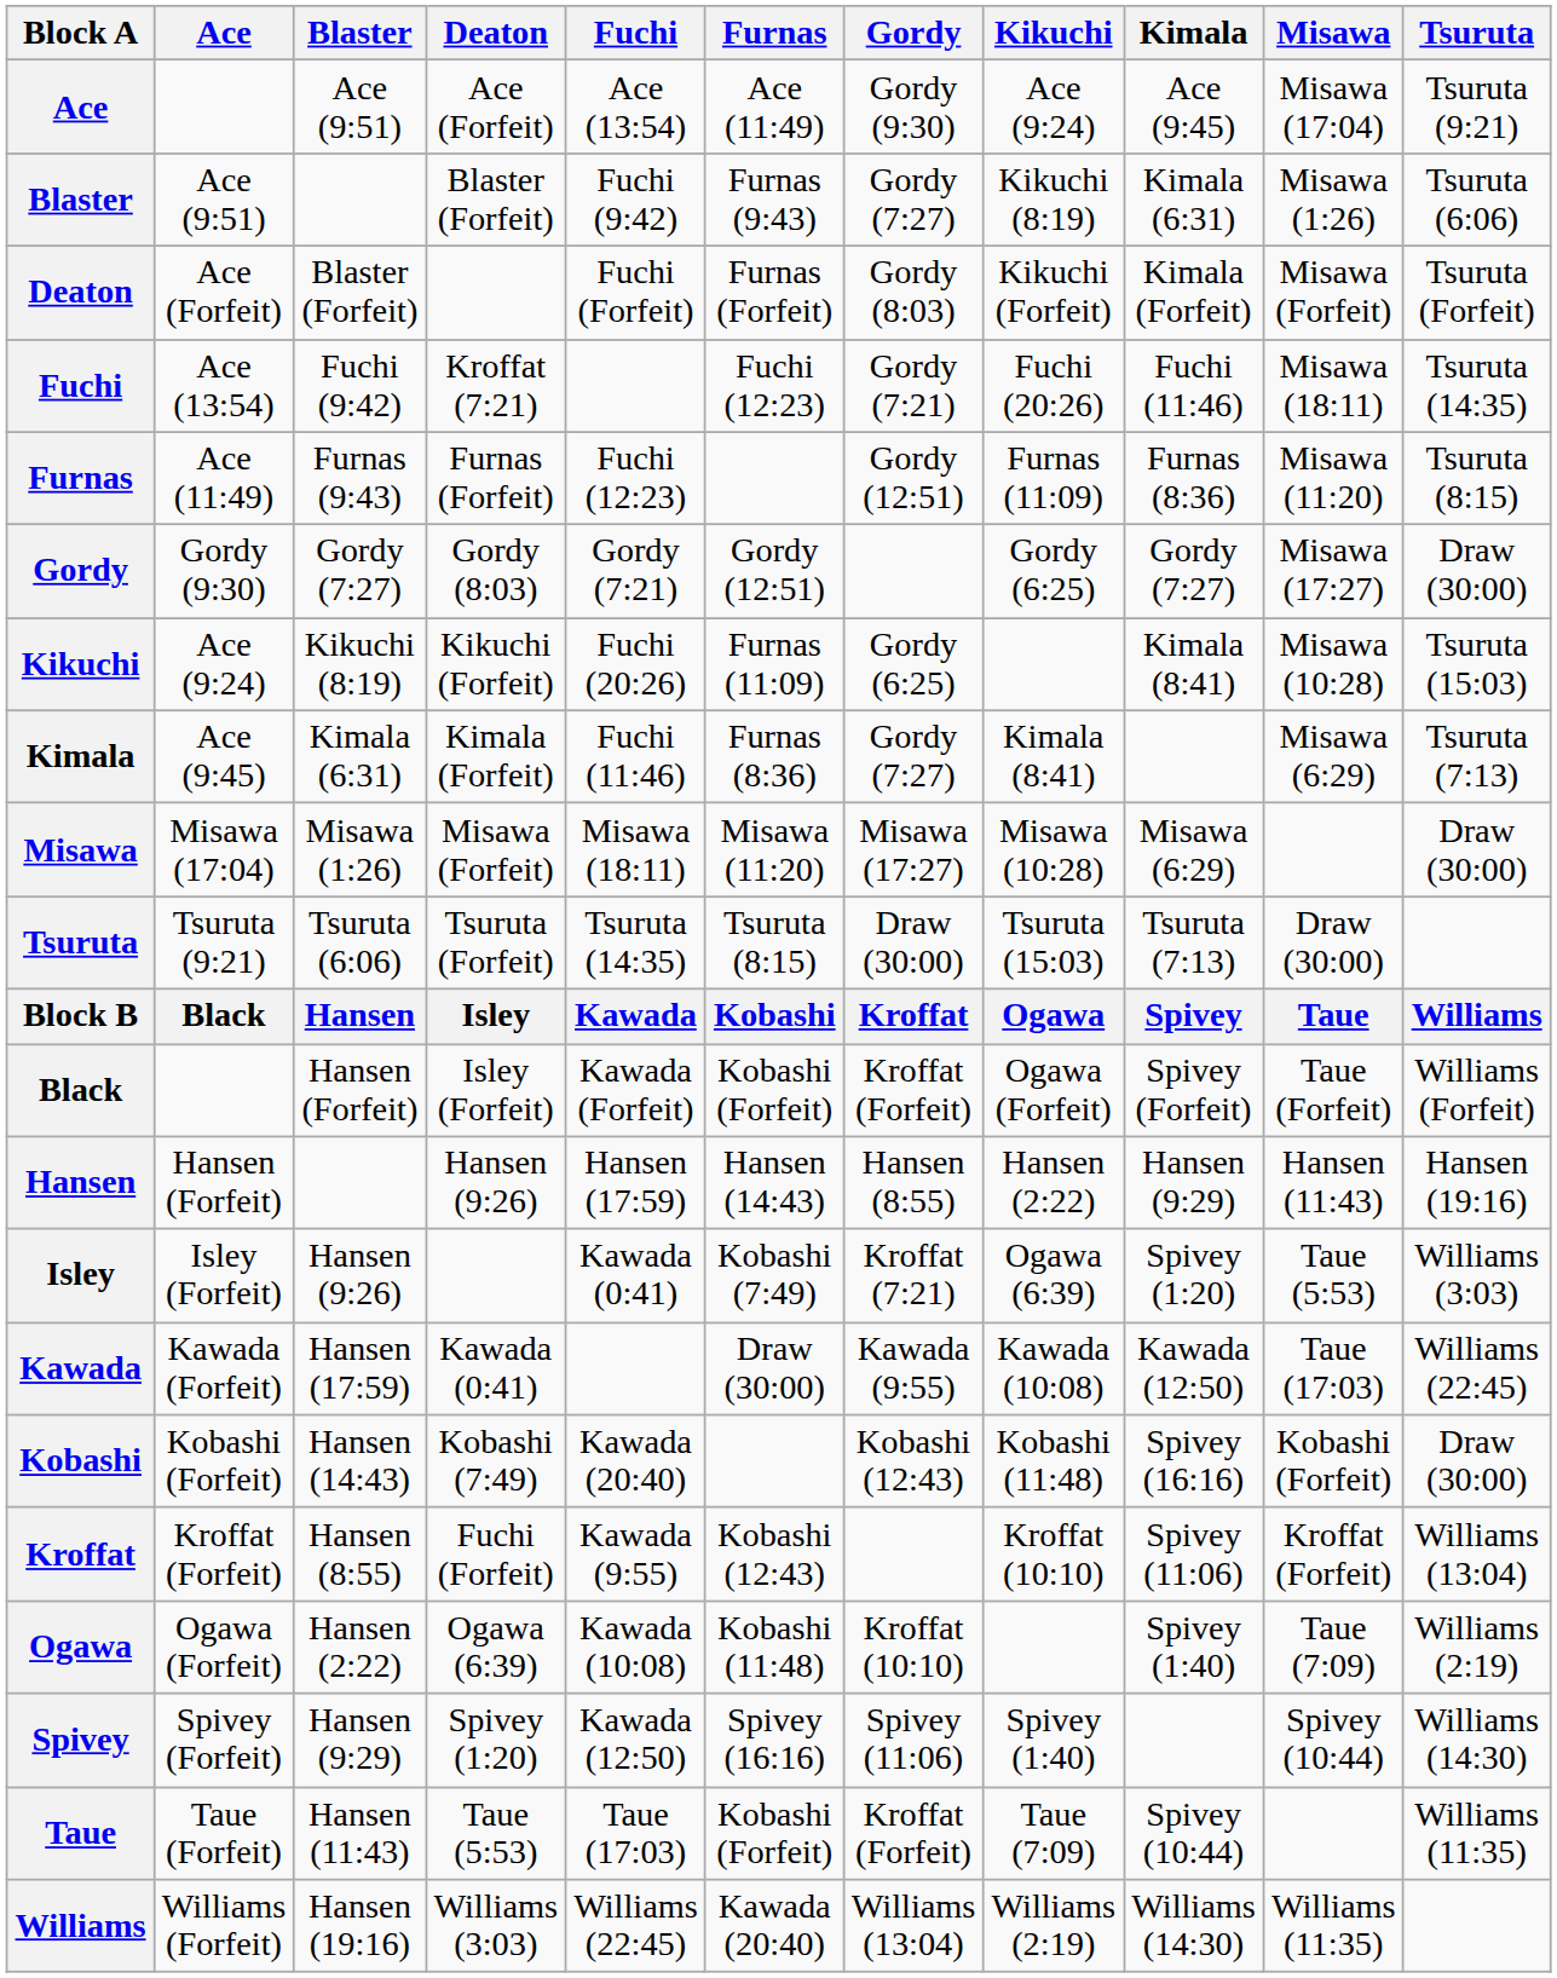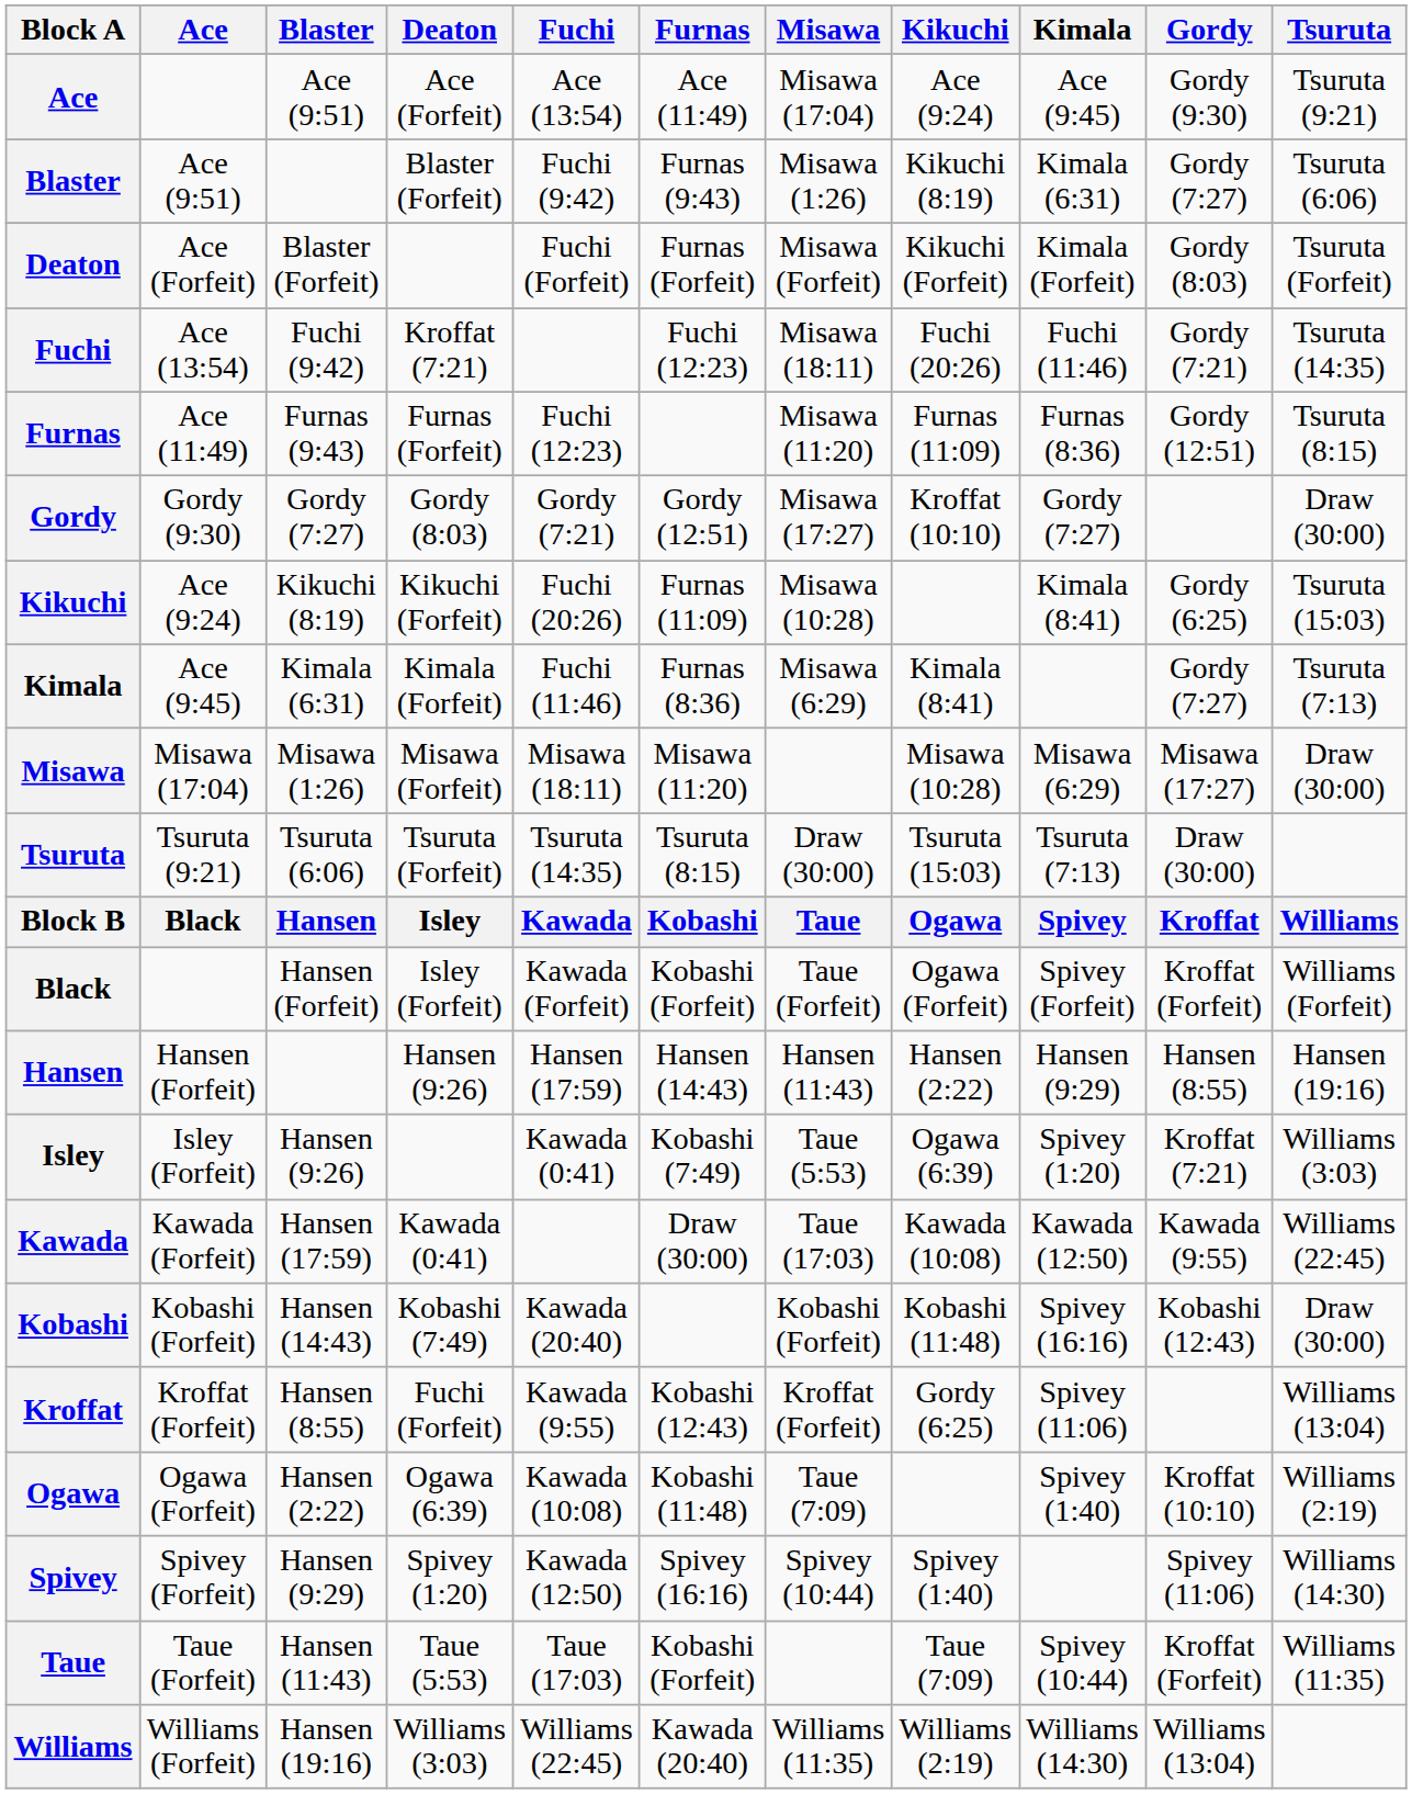 <table class="wikitable" style="margin: 1em auto 1em auto; text-align:center;">
 <tr>
 <th>Block A</th>
 <th><a href='#'>Ace</a></th>
 <th><a href='#'>Blaster</a></th>
 <th><a href='#'>Deaton</a></th>
 <th><a href='#'>Fuchi</a></th>
 <th><a href='#'>Furnas</a></th>
-<th><a href='#'>Gordy</a></th>
+<th><a href='#'>Misawa</a></th>
 <th><a href='#'>Kikuchi</a></th>
 <th>Kimala</th>
-<th><a href='#'>Misawa</a></th>
+<th><a href='#'>Gordy</a></th>
 <th><a href='#'>Tsuruta</a></th>
 </tr>
 <tr>
 <th><a href='#'>Ace</a></th>
 <td></td>
 <td>Ace<br>(9:51)</td>
 <td>Ace<br>(Forfeit)</td>
 <td>Ace<br>(13:54)</td>
 <td>Ace<br>(11:49)</td>
-<td>Gordy<br>(9:30)</td>
+<td>Misawa<br>(17:04)</td>
 <td>Ace<br>(9:24)</td>
 <td>Ace<br>(9:45)</td>
-<td>Misawa<br>(17:04)</td>
+<td>Gordy<br>(9:30)</td>
 <td>Tsuruta<br>(9:21)</td>
 </tr>
 <tr>
 <th><a href='#'>Blaster</a></th>
 <td>Ace<br>(9:51)</td>
 <td></td>
 <td>Blaster<br>(Forfeit)</td>
 <td>Fuchi<br>(9:42)</td>
 <td>Furnas<br>(9:43)</td>
-<td>Gordy<br>(7:27)</td>
+<td>Misawa<br>(1:26)</td>
 <td>Kikuchi<br>(8:19)</td>
 <td>Kimala<br>(6:31)</td>
-<td>Misawa<br>(1:26)</td>
+<td>Gordy<br>(7:27)</td>
 <td>Tsuruta<br>(6:06)</td>
 </tr>
 <tr>
 <th><a href='#'>Deaton</a></th>
 <td>Ace<br>(Forfeit)</td>
 <td>Blaster<br>(Forfeit)</td>
 <td></td>
 <td>Fuchi<br>(Forfeit)</td>
 <td>Furnas<br>(Forfeit)</td>
-<td>Gordy<br>(8:03)</td>
+<td>Misawa<br>(Forfeit)</td>
 <td>Kikuchi<br>(Forfeit)</td>
 <td>Kimala<br>(Forfeit)</td>
-<td>Misawa<br>(Forfeit)</td>
+<td>Gordy<br>(8:03)</td>
 <td>Tsuruta<br>(Forfeit)</td>
 </tr>
 <tr>
 <th><a href='#'>Fuchi</a></th>
 <td>Ace<br>(13:54)</td>
 <td>Fuchi<br>(9:42)</td>
 <td>Kroffat<br>(7:21)</td>
 <td></td>
 <td>Fuchi<br>(12:23)</td>
-<td>Gordy<br>(7:21)</td>
+<td>Misawa<br>(18:11)</td>
 <td>Fuchi<br>(20:26)</td>
 <td>Fuchi<br>(11:46)</td>
-<td>Misawa<br>(18:11)</td>
+<td>Gordy<br>(7:21)</td>
 <td>Tsuruta<br>(14:35)</td>
 </tr>
 <tr>
 <th><a href='#'>Furnas</a></th>
 <td>Ace<br>(11:49)</td>
 <td>Furnas<br>(9:43)</td>
 <td>Furnas<br>(Forfeit)</td>
 <td>Fuchi<br>(12:23)</td>
 <td></td>
-<td>Gordy<br>(12:51)</td>
+<td>Misawa<br>(11:20)</td>
 <td>Furnas<br>(11:09)</td>
 <td>Furnas<br>(8:36)</td>
-<td>Misawa<br>(11:20)</td>
+<td>Gordy<br>(12:51)</td>
 <td>Tsuruta<br>(8:15)</td>
 </tr>
 <tr>
 <th><a href='#'>Gordy</a></th>
 <td>Gordy<br>(9:30)</td>
 <td>Gordy<br>(7:27)</td>
 <td>Gordy<br>(8:03)</td>
 <td>Gordy<br>(7:21)</td>
 <td>Gordy<br>(12:51)</td>
+<td>Misawa<br>(17:27)</td>
+<td>Kroffat<br>(10:10)</td>
+<td>Gordy<br>(7:27)</td>
 <td></td>
-<td>Gordy<br>(6:25)</td>
-<td>Gordy<br>(7:27)</td>
-<td>Misawa<br>(17:27)</td>
 <td>Draw<br>(30:00)</td>
 </tr>
 <tr>
 <th><a href='#'>Kikuchi</a></th>
 <td>Ace<br>(9:24)</td>
 <td>Kikuchi<br>(8:19)</td>
 <td>Kikuchi<br>(Forfeit)</td>
 <td>Fuchi<br>(20:26)</td>
 <td>Furnas<br>(11:09)</td>
-<td>Gordy<br>(6:25)</td>
+<td>Misawa<br>(10:28)</td>
 <td></td>
 <td>Kimala<br>(8:41)</td>
-<td>Misawa<br>(10:28)</td>
+<td>Gordy<br>(6:25)</td>
 <td>Tsuruta<br>(15:03)</td>
 </tr>
 <tr>
 <th>Kimala</th>
 <td>Ace<br>(9:45)</td>
 <td>Kimala<br>(6:31)</td>
 <td>Kimala<br>(Forfeit)</td>
 <td>Fuchi<br>(11:46)</td>
 <td>Furnas<br>(8:36)</td>
-<td>Gordy<br>(7:27)</td>
+<td>Misawa<br>(6:29)</td>
 <td>Kimala<br>(8:41)</td>
 <td></td>
-<td>Misawa<br>(6:29)</td>
+<td>Gordy<br>(7:27)</td>
 <td>Tsuruta<br>(7:13)</td>
 </tr>
 <tr>
 <th><a href='#'>Misawa</a></th>
 <td>Misawa<br>(17:04)</td>
 <td>Misawa<br>(1:26)</td>
 <td>Misawa<br>(Forfeit)</td>
 <td>Misawa<br>(18:11)</td>
 <td>Misawa<br>(11:20)</td>
-<td>Misawa<br>(17:27)</td>
+<td></td>
 <td>Misawa<br>(10:28)</td>
 <td>Misawa<br>(6:29)</td>
-<td></td>
+<td>Misawa<br>(17:27)</td>
 <td>Draw<br>(30:00)</td>
 </tr>
 <tr>
 <th><a href='#'>Tsuruta</a></th>
 <td>Tsuruta<br>(9:21)</td>
 <td>Tsuruta<br>(6:06)</td>
 <td>Tsuruta<br>(Forfeit)</td>
 <td>Tsuruta<br>(14:35)</td>
 <td>Tsuruta<br>(8:15)</td>
 <td>Draw<br>(30:00)</td>
 <td>Tsuruta<br>(15:03)</td>
 <td>Tsuruta<br>(7:13)</td>
 <td>Draw<br>(30:00)</td>
 <td></td>
 </tr>
 <tr>
 <th>Block B</th>
 <th>Black</th>
 <th><a href='#'>Hansen</a></th>
 <th>Isley</th>
 <th><a href='#'>Kawada</a></th>
 <th><a href='#'>Kobashi</a></th>
-<th><a href='#'>Kroffat</a></th>
+<th><a href='#'>Taue</a></th>
 <th><a href='#'>Ogawa</a></th>
 <th><a href='#'>Spivey</a></th>
-<th><a href='#'>Taue</a></th>
+<th><a href='#'>Kroffat</a></th>
 <th><a href='#'>Williams</a></th>
 </tr>
 <tr>
 <th>Black</th>
 <td></td>
 <td>Hansen<br>(Forfeit)</td>
 <td>Isley<br>(Forfeit)</td>
 <td>Kawada<br>(Forfeit)</td>
 <td>Kobashi<br>(Forfeit)</td>
-<td>Kroffat<br>(Forfeit)</td>
+<td>Taue<br>(Forfeit)</td>
 <td>Ogawa<br>(Forfeit)</td>
 <td>Spivey<br>(Forfeit)</td>
-<td>Taue<br>(Forfeit)</td>
+<td>Kroffat<br>(Forfeit)</td>
 <td>Williams<br>(Forfeit)</td>
 </tr>
 <tr>
 <th><a href='#'>Hansen</a></th>
 <td>Hansen<br>(Forfeit)</td>
 <td></td>
 <td>Hansen<br>(9:26)</td>
 <td>Hansen<br>(17:59)</td>
 <td>Hansen<br>(14:43)</td>
-<td>Hansen<br>(8:55)</td>
+<td>Hansen<br>(11:43)</td>
 <td>Hansen<br>(2:22)</td>
 <td>Hansen<br>(9:29)</td>
-<td>Hansen<br>(11:43)</td>
+<td>Hansen<br>(8:55)</td>
 <td>Hansen<br>(19:16)</td>
 </tr>
 <tr>
 <th>Isley</th>
 <td>Isley<br>(Forfeit)</td>
 <td>Hansen<br>(9:26)</td>
 <td></td>
 <td>Kawada<br>(0:41)</td>
 <td>Kobashi<br>(7:49)</td>
-<td>Kroffat<br>(7:21)</td>
+<td>Taue<br>(5:53)</td>
 <td>Ogawa<br>(6:39)</td>
 <td>Spivey<br>(1:20)</td>
-<td>Taue<br>(5:53)</td>
+<td>Kroffat<br>(7:21)</td>
 <td>Williams<br>(3:03)</td>
 </tr>
 <tr>
 <th><a href='#'>Kawada</a></th>
 <td>Kawada<br>(Forfeit)</td>
 <td>Hansen<br>(17:59)</td>
 <td>Kawada<br>(0:41)</td>
 <td></td>
 <td>Draw<br>(30:00)</td>
-<td>Kawada<br>(9:55)</td>
+<td>Taue<br>(17:03)</td>
 <td>Kawada<br>(10:08)</td>
 <td>Kawada<br>(12:50)</td>
-<td>Taue<br>(17:03)</td>
+<td>Kawada<br>(9:55)</td>
 <td>Williams<br>(22:45)</td>
 </tr>
 <tr>
 <th><a href='#'>Kobashi</a></th>
 <td>Kobashi<br>(Forfeit)</td>
 <td>Hansen<br>(14:43)</td>
 <td>Kobashi<br>(7:49)</td>
 <td>Kawada<br>(20:40)</td>
 <td></td>
-<td>Kobashi<br>(12:43)</td>
+<td>Kobashi<br>(Forfeit)</td>
 <td>Kobashi<br>(11:48)</td>
 <td>Spivey<br>(16:16)</td>
-<td>Kobashi<br>(Forfeit)</td>
+<td>Kobashi<br>(12:43)</td>
 <td>Draw<br>(30:00)</td>
 </tr>
 <tr>
 <th><a href='#'>Kroffat</a></th>
 <td>Kroffat<br>(Forfeit)</td>
 <td>Hansen<br>(8:55)</td>
 <td>Fuchi<br>(Forfeit)</td>
 <td>Kawada<br>(9:55)</td>
 <td>Kobashi<br>(12:43)</td>
+<td>Kroffat<br>(Forfeit)</td>
+<td>Gordy<br>(6:25)</td>
+<td>Spivey<br>(11:06)</td>
 <td></td>
-<td>Kroffat<br>(10:10)</td>
-<td>Spivey<br>(11:06)</td>
-<td>Kroffat<br>(Forfeit)</td>
 <td>Williams<br>(13:04)</td>
 </tr>
 <tr>
 <th><a href='#'>Ogawa</a></th>
 <td>Ogawa<br>(Forfeit)</td>
 <td>Hansen<br>(2:22)</td>
 <td>Ogawa<br>(6:39)</td>
 <td>Kawada<br>(10:08)</td>
 <td>Kobashi<br>(11:48)</td>
-<td>Kroffat<br>(10:10)</td>
+<td>Taue<br>(7:09)</td>
 <td></td>
 <td>Spivey<br>(1:40)</td>
-<td>Taue<br>(7:09)</td>
+<td>Kroffat<br>(10:10)</td>
 <td>Williams<br>(2:19)</td>
 </tr>
 <tr>
 <th><a href='#'>Spivey</a></th>
 <td>Spivey<br>(Forfeit)</td>
 <td>Hansen<br>(9:29)</td>
 <td>Spivey<br>(1:20)</td>
 <td>Kawada<br>(12:50)</td>
 <td>Spivey<br>(16:16)</td>
-<td>Spivey<br>(11:06)</td>
+<td>Spivey<br>(10:44)</td>
 <td>Spivey<br>(1:40)</td>
 <td></td>
-<td>Spivey<br>(10:44)</td>
+<td>Spivey<br>(11:06)</td>
 <td>Williams<br>(14:30)</td>
 </tr>
 <tr>
 <th><a href='#'>Taue</a></th>
 <td>Taue<br>(Forfeit)</td>
 <td>Hansen<br>(11:43)</td>
 <td>Taue<br>(5:53)</td>
 <td>Taue<br>(17:03)</td>
 <td>Kobashi<br>(Forfeit)</td>
-<td>Kroffat<br>(Forfeit)</td>
+<td></td>
 <td>Taue<br>(7:09)</td>
 <td>Spivey<br>(10:44)</td>
-<td></td>
+<td>Kroffat<br>(Forfeit)</td>
 <td>Williams<br>(11:35)</td>
 </tr>
 <tr>
 <th><a href='#'>Williams</a></th>
 <td>Williams<br>(Forfeit)</td>
 <td>Hansen<br>(19:16)</td>
 <td>Williams<br>(3:03)</td>
 <td>Williams<br>(22:45)</td>
 <td>Kawada<br>(20:40)</td>
-<td>Williams<br>(13:04)</td>
+<td>Williams<br>(11:35)</td>
 <td>Williams<br>(2:19)</td>
 <td>Williams<br>(14:30)</td>
-<td>Williams<br>(11:35)</td>
+<td>Williams<br>(13:04)</td>
 <td></td>
 </tr>
 </table>
